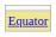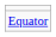 <table class="wikitable">
 <tr>
 <td></td>
 </tr>
 <tr>
-<td style="background: khaki;"><a href='#'>Equator</a></td>
+<td><a href='#'>Equator</a></td>
 </tr>
 </table>
